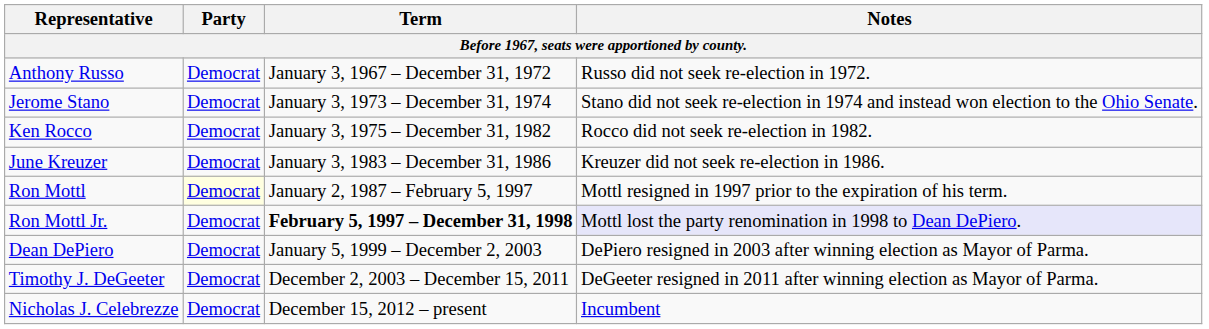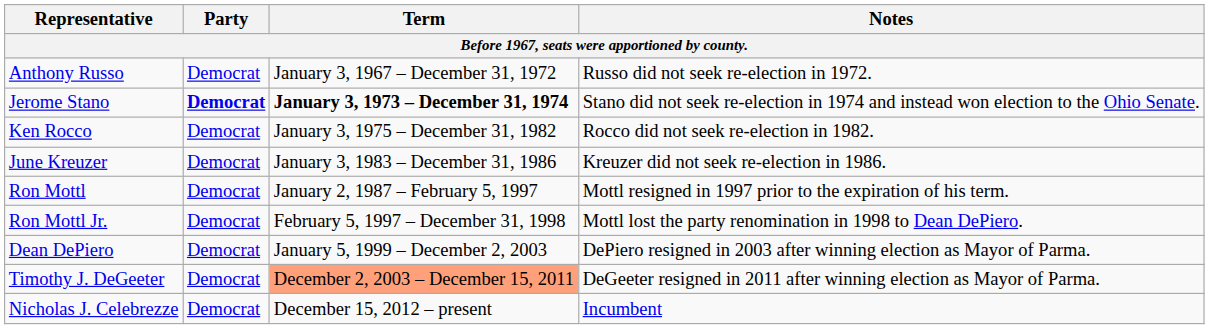 <table class=wikitable>
 <tr valign=bottom>
 <th>Representative</th>
 <th>Party</th>
 <th>Term</th>
 <th>Notes</th>
 </tr>
 <tr>
 <th colspan=5 style="font-size: 80%;"><em>Before 1967, seats were apportioned by county.</em></th>
 </tr>
 <tr>
 <td><a href='#'>Anthony Russo</a></td>
 <td><a href='#'>Democrat</a></td>
 <td>January 3, 1967 – December 31, 1972</td>
 <td>Russo did not seek re-election in 1972.</td>
 </tr>
 <tr>
 <td><a href='#'>Jerome Stano</a></td>
-<td><a href='#'>Democrat</a></td>
-<td>January 3, 1973 – December 31, 1974</td>
+<td><strong><a href='#'>Democrat</a></strong></td>
+<td><strong>January 3, 1973 – December 31, 1974</strong></td>
 <td>Stano did not seek re-election in 1974 and instead won election to the <a href='#'>Ohio Senate</a>.</td>
 </tr>
 <tr>
 <td><a href='#'>Ken Rocco</a></td>
 <td><a href='#'>Democrat</a></td>
 <td>January 3, 1975 – December 31, 1982</td>
 <td>Rocco did not seek re-election in 1982.</td>
 </tr>
 <tr>
 <td><a href='#'>June Kreuzer</a></td>
 <td><a href='#'>Democrat</a></td>
 <td>January 3, 1983 – December 31, 1986</td>
 <td>Kreuzer did not seek re-election in 1986.</td>
 </tr>
 <tr>
 <td><a href='#'>Ron Mottl</a></td>
-<td style="background: lightyellow;"><a href='#'>Democrat</a></td>
+<td><a href='#'>Democrat</a></td>
 <td>January 2, 1987 – February 5, 1997</td>
 <td>Mottl resigned in 1997 prior to the expiration of his term.</td>
 </tr>
 <tr>
 <td><a href='#'>Ron Mottl Jr.</a></td>
 <td><a href='#'>Democrat</a></td>
-<td><strong>February 5, 1997 – December 31, 1998</strong></td>
-<td style="background: lavender;">Mottl lost the party renomination in 1998 to <a href='#'>Dean DePiero</a>.</td>
+<td>February 5, 1997 – December 31, 1998</td>
+<td>Mottl lost the party renomination in 1998 to <a href='#'>Dean DePiero</a>.</td>
 </tr>
 <tr>
 <td><a href='#'>Dean DePiero</a></td>
 <td><a href='#'>Democrat</a></td>
 <td>January 5, 1999 – December 2, 2003</td>
 <td>DePiero resigned in 2003 after winning election as Mayor of Parma.</td>
 </tr>
 <tr>
 <td><a href='#'>Timothy J. DeGeeter</a></td>
 <td><a href='#'>Democrat</a></td>
-<td>December 2, 2003 – December 15, 2011</td>
+<td style="background: lightsalmon;">December 2, 2003 – December 15, 2011</td>
 <td>DeGeeter resigned in 2011 after winning election as Mayor of Parma.</td>
 </tr>
 <tr>
 <td><a href='#'>Nicholas J. Celebrezze</a></td>
 <td><a href='#'>Democrat</a></td>
 <td>December 15, 2012 – present</td>
 <td><a href='#'>Incumbent</a></td>
 </tr>
 </table>
